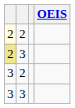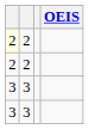 <table class="wikitable sortable">
 <tr>
 <th></th>
 <th></th>
 <th></th>
 <th><a href='#'>OEIS</a></th>
 </tr>
 <tr>
 <td style="background: lightyellow;">2</td>
 <td>2</td>
 <td></td>
 <td></td>
 </tr>
 <tr>
-<td style="background: khaki;">2</td>
-<td>3</td>
-<td></td>
-<td></td>
-</tr>
-<tr>
-<td>3</td>
+<td>2</td>
 <td>2</td>
 <td></td>
 <td></td>
 </tr>
 <tr>
 <td>3</td>
 <td>3</td>
 <td></td>
 <td></td>
 </tr>
+<tr>
+<td>3</td>
+<td>3</td>
+<td></td>
+<td></td>
+</tr>
 </table>
